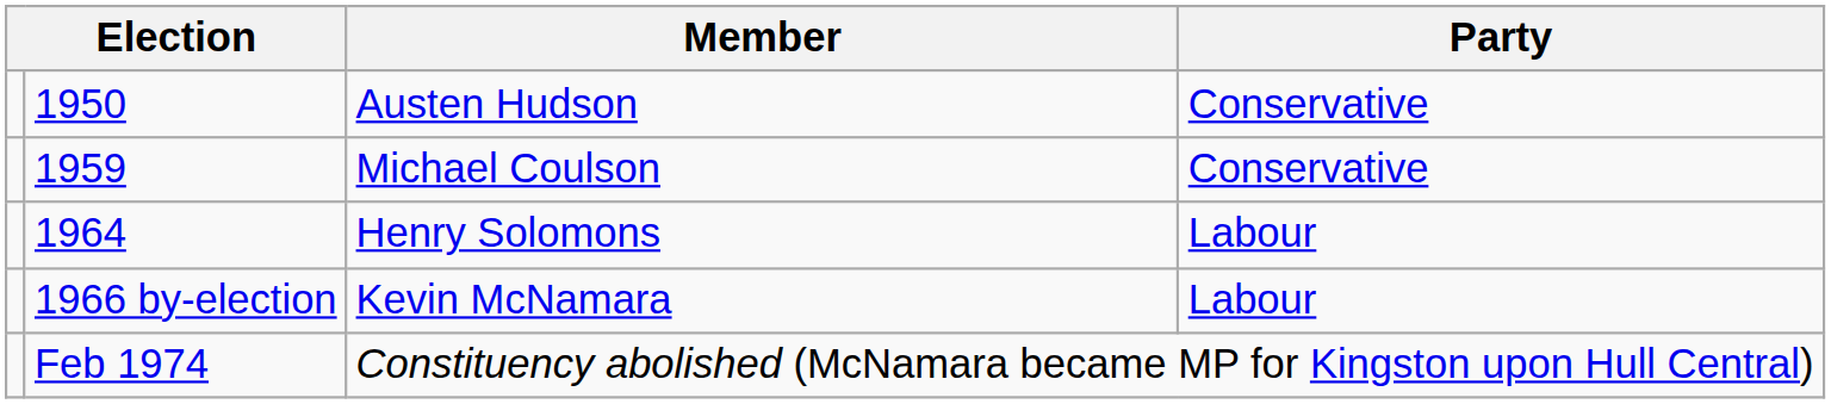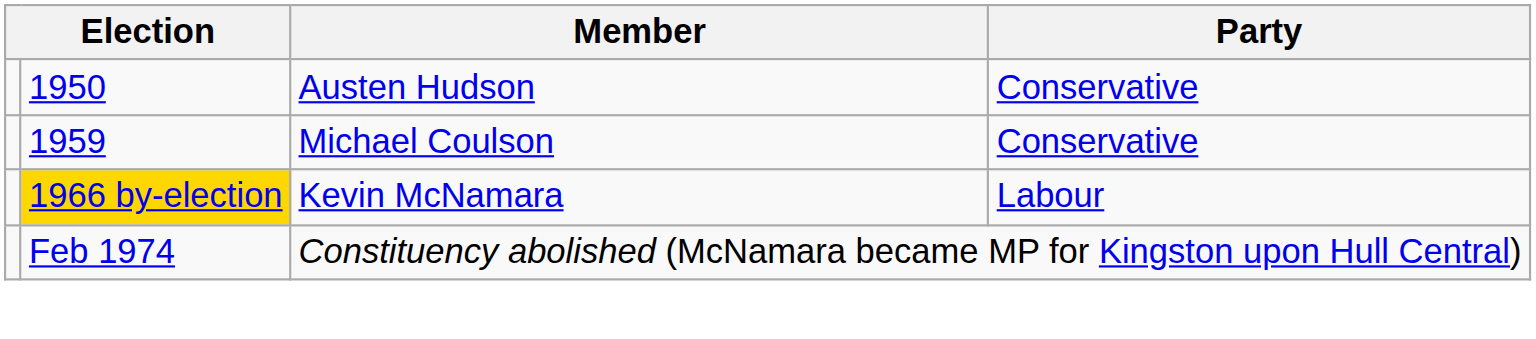 <table class="wikitable">
 <tr>
 <th colspan="2">Election</th>
 <th>Member</th>
 <th>Party</th>
 </tr>
 <tr>
 <td style="color:inherit;background-color: "></td>
 <td><a href='#'>1950</a></td>
 <td><a href='#'>Austen Hudson</a></td>
 <td><a href='#'>Conservative</a></td>
 </tr>
 <tr>
 <td style="color:inherit;background-color: "></td>
 <td><a href='#'>1959</a></td>
 <td><a href='#'>Michael Coulson</a></td>
 <td><a href='#'>Conservative</a></td>
 </tr>
 <tr>
 <td style="color:inherit;background-color: "></td>
-<td><a href='#'>1964</a></td>
-<td><a href='#'>Henry Solomons</a></td>
-<td><a href='#'>Labour</a></td>
-</tr>
-<tr>
-<td style="color:inherit;background-color: "></td>
-<td><a href='#'>1966 by-election</a></td>
+<td style="background: gold;"><a href='#'>1966 by-election</a></td>
 <td><a href='#'>Kevin McNamara</a></td>
 <td><a href='#'>Labour</a></td>
 </tr>
 <tr>
 <td></td>
 <td><a href='#'>Feb 1974</a></td>
 <td colspan="2"><em>Constituency abolished</em> (McNamara became MP for <a href='#'>Kingston upon Hull Central</a>)</td>
 </tr>
 </table>
